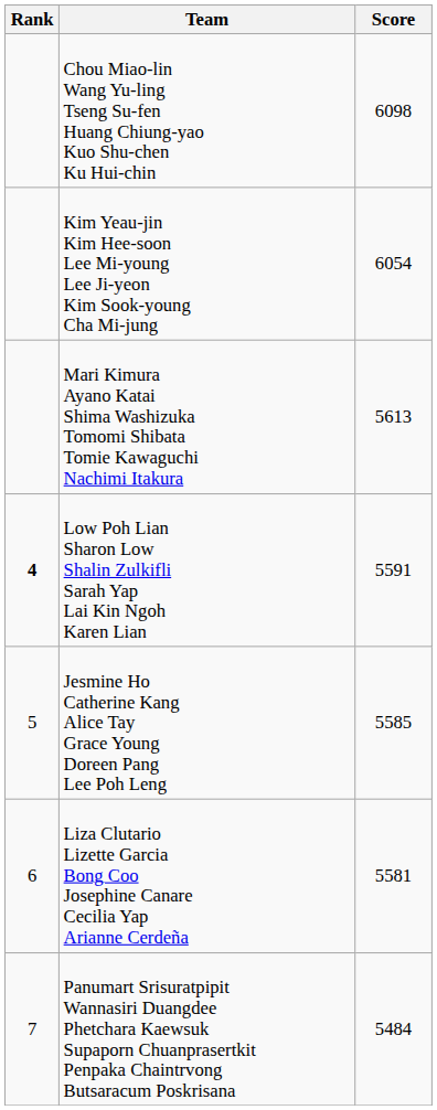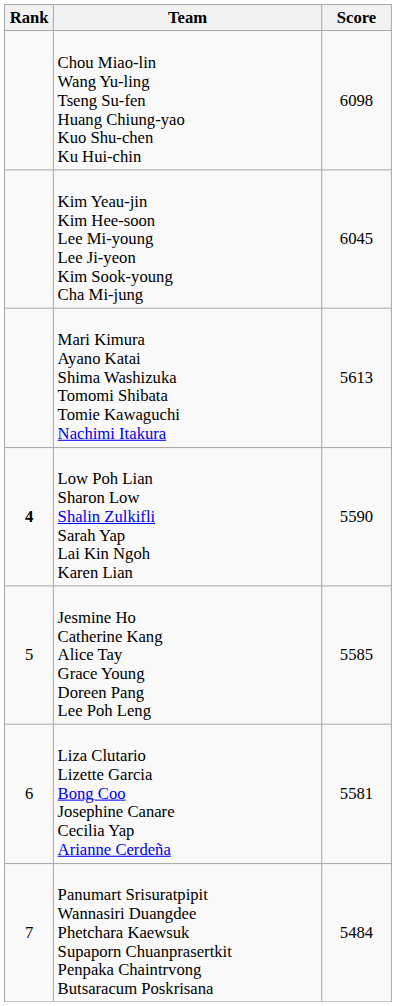 <table class=wikitable style="text-align:center">
 <tr>
 <th width=40>Rank</th>
 <th width=250>Team</th>
 <th width=60>Score</th>
 </tr>
 <tr>
 <td></td>
 <td align=left><br>Chou Miao-lin<br>Wang Yu-ling<br>Tseng Su-fen<br>Huang Chiung-yao<br>Kuo Shu-chen<br>Ku Hui-chin</td>
 <td>6098</td>
 </tr>
 <tr>
 <td></td>
 <td align=left><br>Kim Yeau-jin<br>Kim Hee-soon<br>Lee Mi-young<br>Lee Ji-yeon<br>Kim Sook-young<br>Cha Mi-jung</td>
-<td>6054</td>
+<td>6045</td>
 </tr>
 <tr>
 <td></td>
 <td align=left><br>Mari Kimura<br>Ayano Katai<br>Shima Washizuka<br>Tomomi Shibata<br>Tomie Kawaguchi<br><a href='#'>Nachimi Itakura</a></td>
 <td>5613</td>
 </tr>
 <tr>
 <td><strong>4</strong></td>
 <td align=left><br>Low Poh Lian<br>Sharon Low<br><a href='#'>Shalin Zulkifli</a><br>Sarah Yap<br>Lai Kin Ngoh<br>Karen Lian</td>
-<td>5591</td>
+<td>5590</td>
 </tr>
 <tr>
 <td>5</td>
 <td align=left><br>Jesmine Ho<br>Catherine Kang<br>Alice Tay<br>Grace Young<br>Doreen Pang<br>Lee Poh Leng</td>
 <td>5585</td>
 </tr>
 <tr>
 <td>6</td>
 <td align=left><br>Liza Clutario<br>Lizette Garcia<br><a href='#'>Bong Coo</a><br>Josephine Canare<br>Cecilia Yap<br><a href='#'>Arianne Cerdeña</a></td>
 <td>5581</td>
 </tr>
 <tr>
 <td>7</td>
 <td align=left><br>Panumart Srisuratpipit<br>Wannasiri Duangdee<br>Phetchara Kaewsuk<br>Supaporn Chuanprasertkit<br>Penpaka Chaintrvong<br>Butsaracum Poskrisana</td>
 <td>5484</td>
 </tr>
 </table>
